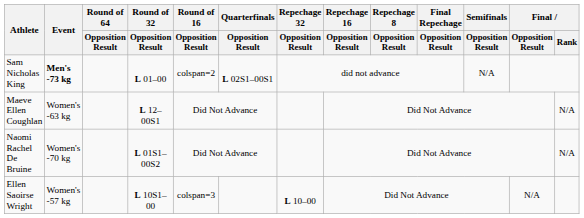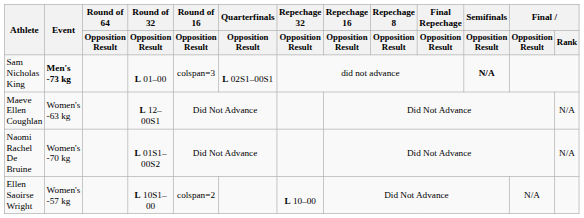 <table class="wikitable" style="font-size:90%">
 <tr>
 <th rowspan="2">Athlete</th>
 <th rowspan="2">Event</th>
 <th>Round of 64</th>
 <th>Round of 32</th>
 <th>Round of 16</th>
 <th>Quarterfinals</th>
 <th>Repechage 32</th>
 <th>Repechage 16</th>
 <th>Repechage 8</th>
 <th>Final Repechage</th>
 <th>Semifinals</th>
 <th colspan=2>Final / </th>
 </tr>
 <tr style="font-size:95%">
 <th>Opposition<br>Result</th>
 <th>Opposition<br>Result</th>
 <th>Opposition<br>Result</th>
 <th>Opposition<br>Result</th>
 <th>Opposition<br>Result</th>
 <th>Opposition<br>Result</th>
 <th>Opposition<br>Result</th>
 <th>Opposition<br>Result</th>
 <th>Opposition<br>Result</th>
 <th>Opposition<br>Result</th>
 <th>Rank</th>
 </tr>
 <tr align=center>
 <td align=left>Sam Nicholas King</td>
 <td align=left><strong>Men's -73 kg</strong></td>
 <td></td>
 <td><br><strong>L</strong> 01–00</td>
-<td>colspan=2 </td>
+<td>colspan=3 </td>
 <td><br><strong>L</strong> 02S1–00S1</td>
 <td colspan=4>did not advance</td>
-<td>N/A</td>
+<td><strong>N/A</strong></td>
 </tr>
 <tr align=center>
 <td align=left>Maeve Ellen Coughlan</td>
 <td align=left>Women's -63 kg</td>
 <td></td>
 <td><br><strong>L</strong> 12–00S1</td>
 <td colspan=2>Did Not Advance</td>
 <td></td>
 <td colspan=5>Did Not Advance</td>
 <td>N/A</td>
 </tr>
 <tr align=center>
 <td align=left>Naomi Rachel De Bruine</td>
 <td align=left>Women's -70 kg</td>
 <td></td>
 <td><br><strong>L</strong> 01S1–00S2</td>
 <td colspan=2>Did Not Advance</td>
 <td></td>
 <td colspan=5>Did Not Advance</td>
 <td>N/A</td>
 </tr>
 <tr align=center>
 <td align=left>Ellen Saoirse Wright</td>
 <td align=left>Women's -57 kg</td>
 <td></td>
 <td><br><strong>L</strong> 10S1–00</td>
-<td>colspan=3 </td>
+<td>colspan=2 </td>
 <td></td>
 <td><br><strong>L</strong> 10–00</td>
 <td colspan=4>Did Not Advance</td>
 <td>N/A</td>
 </tr>
 </table>
